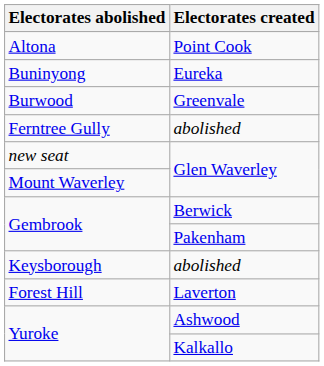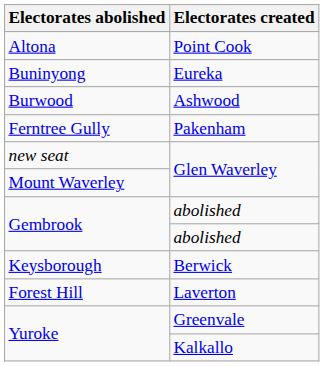 <table class="wikitable">
 <tr>
 <th>Electorates abolished</th>
 <th>Electorates created</th>
 </tr>
 <tr>
 <td><a href='#'>Altona</a></td>
 <td><a href='#'>Point Cook</a></td>
 </tr>
 <tr>
 <td><a href='#'>Buninyong</a></td>
 <td><a href='#'>Eureka</a></td>
 </tr>
 <tr>
 <td><a href='#'>Burwood</a></td>
-<td><a href='#'>Greenvale</a></td>
+<td><a href='#'>Ashwood</a></td>
 </tr>
 <tr>
 <td><a href='#'>Ferntree Gully</a></td>
-<td><em>abolished</em></td>
+<td><a href='#'>Pakenham</a></td>
 </tr>
 <tr>
 <td><em>new seat</em></td>
 <td rowspan=2><a href='#'>Glen Waverley</a></td>
 </tr>
 <tr>
 <td><a href='#'>Mount Waverley</a></td>
 </tr>
 <tr>
 <td rowspan=2><a href='#'>Gembrook</a></td>
-<td><a href='#'>Berwick</a></td>
+<td><em>abolished</em></td>
 </tr>
 <tr>
-<td><a href='#'>Pakenham</a></td>
+<td><em>abolished</em></td>
 </tr>
 <tr>
 <td><a href='#'>Keysborough</a></td>
-<td><em>abolished</em></td>
+<td><a href='#'>Berwick</a></td>
 </tr>
 <tr>
 <td><a href='#'>Forest Hill</a></td>
 <td><a href='#'>Laverton</a></td>
 </tr>
 <tr>
 <td rowspan=2><a href='#'>Yuroke</a></td>
-<td><a href='#'>Ashwood</a></td>
+<td><a href='#'>Greenvale</a></td>
 </tr>
 <tr>
 <td><a href='#'>Kalkallo</a></td>
 </tr>
 </table>
